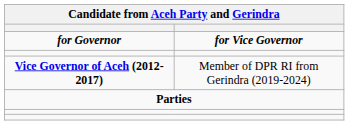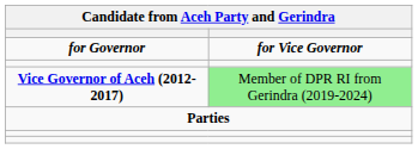 <table class="wikitable" style="font-size:90%; text-align:center;">
 <tr>
 <td colspan=2 style="background:#f1f1f1;"><strong>Candidate from <a href='#'>Aceh Party</a> and <a href='#'>Gerindra</a></strong></td>
 </tr>
 <tr>
 <th style="width:3em; font-size:135%; background:#"><a href='#'></a></th>
 <th style="width:3em; font-size:135%; background:#"></th>
 </tr>
 <tr style="color:#000; font-size:100%; background:#">
 <td style="width:3em; width:200px;"><strong><em>for Governor</em></strong></td>
 <td style="width:3em; width:200px;"><strong><em>for Vice Governor</em></strong></td>
 </tr>
 <tr>
 <td></td>
 <td></td>
 </tr>
 <tr>
 <td><strong><a href='#'>Vice Governor of Aceh</a> (2012-2017)</strong></td>
-<td>Member of DPR RI from Gerindra (2019-2024)</td>
+<td style="background: lightgreen;">Member of DPR RI from Gerindra (2019-2024)</td>
 </tr>
 <tr>
 <td colspan=2 style="background:#"><strong>Parties</strong></td>
 </tr>
 <tr>
 <td colspan=2></td>
 </tr>
 <tr>
 <td colspan=2></td>
 </tr>
 </table>
